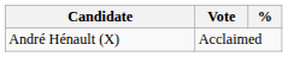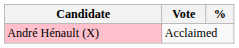 <table class="wikitable">
 <tr>
 <th bgcolor="#DDDDFF" width="200px">Candidate</th>
 <th bgcolor="#DDDDFF" width="50px">Vote</th>
 <th bgcolor="#DDDDFF" width="30px">%</th>
 </tr>
 <tr>
-<td>André Hénault (X)</td>
+<td style="background: pink;">André Hénault (X)</td>
 <td colspan="2">Acclaimed</td>
 </tr>
 </table>
